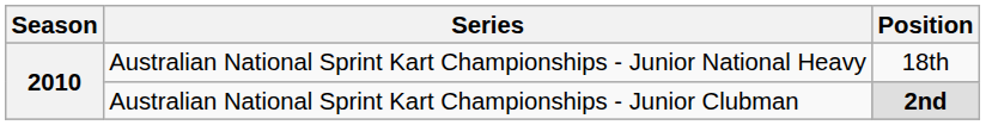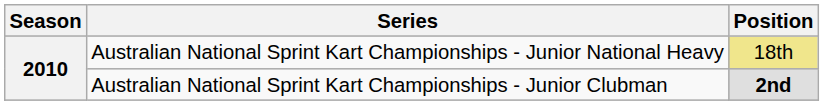 <table class="wikitable" style="font-size: 85%; text-align:center">
 <tr>
 <th>Season</th>
 <th>Series</th>
 <th>Position</th>
 </tr>
 <tr>
 <th rowspan=2>2010</th>
 <td align=left>Australian National Sprint Kart Championships - Junior National Heavy</td>
-<td align=center>18th</td>
+<td align=center style="background: khaki;">18th</td>
 </tr>
 <tr>
 <td align=left>Australian National Sprint Kart Championships - Junior Clubman</td>
 <td align=center style=background:#dfdfdf><strong>2nd</strong></td>
 </tr>
 </table>
